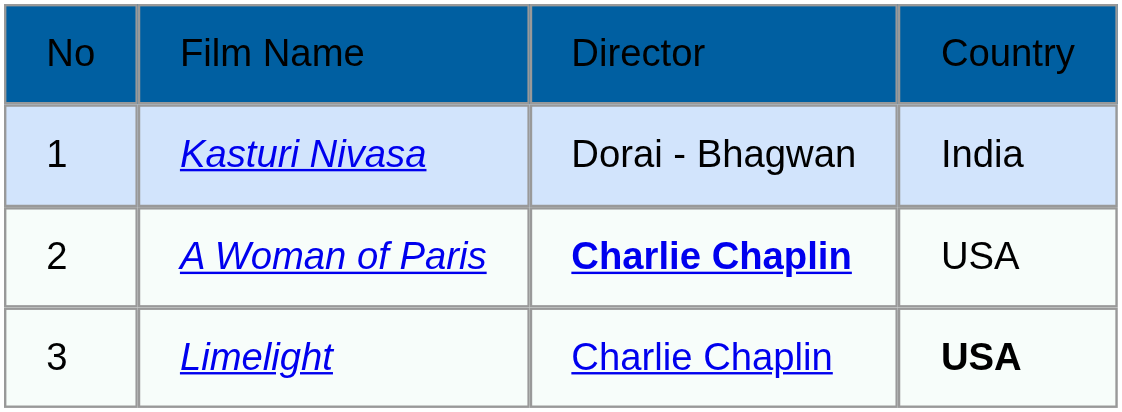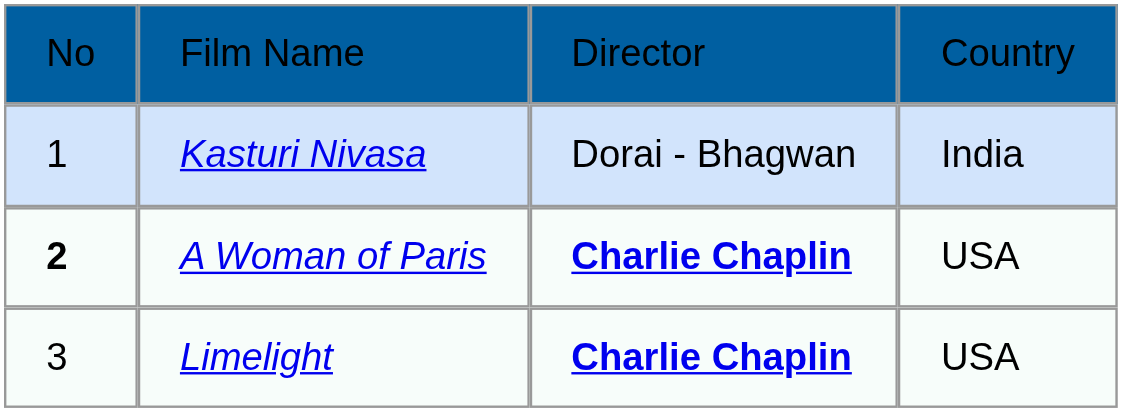 <table style="border-spacing:0;">
 <tr>
 <td style="background-color:#005fa1;border:0.05pt solid #999999;padding-top:0.116in;padding-bottom:0.116in;padding-left:0.1743in;padding-right:0.1743in;"><div>No</div></td>
 <td style="background-color:#005fa1;border:0.05pt solid #999999;padding-top:0.116in;padding-bottom:0.116in;padding-left:0.1743in;padding-right:0.1743in;">Film Name</td>
 <td style="background-color:#005fa1;border:0.05pt solid #999999;padding-top:0.116in;padding-bottom:0.116in;padding-left:0.1743in;padding-right:0.1743in;">Director</td>
 <td style="background-color:#005fa1;border:0.05pt solid #999999;padding-top:0.116in;padding-bottom:0.116in;padding-left:0.1743in;padding-right:0.1743in;">Country</td>
 </tr>
 <tr>
 <td style="background-color:#d2e4fc;border:0.05pt solid #999999;padding-top:0.116in;padding-bottom:0.116in;padding-left:0.1743in;padding-right:0.1743in;"><div>1</div></td>
 <td style="background-color:#d2e4fc;border:0.05pt solid #999999;padding-top:0.116in;padding-bottom:0.116in;padding-left:0.1743in;padding-right:0.1743in;"><em><a href='#'>Kasturi Nivasa</a></em></td>
 <td style="background-color:#d2e4fc;border:0.05pt solid #999999;padding-top:0.116in;padding-bottom:0.116in;padding-left:0.1743in;padding-right:0.1743in;">Dorai - Bhagwan</td>
 <td style="background-color:#d2e4fc;border:0.05pt solid #999999;padding-top:0.116in;padding-bottom:0.116in;padding-left:0.1743in;padding-right:0.1743in;">India</td>
 </tr>
 <tr>
-<td style="background-color:#f7fdfa;border:0.05pt solid #999999;padding-top:0.116in;padding-bottom:0.116in;padding-left:0.1743in;padding-right:0.1743in;"><div>2</div></td>
+<td style="background-color:#f7fdfa;border:0.05pt solid #999999;padding-top:0.116in;padding-bottom:0.116in;padding-left:0.1743in;padding-right:0.1743in;"><strong><div>2</div></strong></td>
 <td style="background-color:#f7fdfa;border:0.05pt solid #999999;padding-top:0.116in;padding-bottom:0.116in;padding-left:0.1743in;padding-right:0.1743in;"><em><a href='#'>A Woman of Paris</a></em></td>
 <td style="background-color:#f7fdfa;border:0.05pt solid #999999;padding-top:0.116in;padding-bottom:0.116in;padding-left:0.1743in;padding-right:0.1743in;"><strong><a href='#'>Charlie Chaplin</a></strong></td>
 <td style="background-color:#f7fdfa;border:0.05pt solid #999999;padding-top:0.116in;padding-bottom:0.116in;padding-left:0.1743in;padding-right:0.1743in;">USA</td>
 </tr>
 <tr>
 <td style="background-color:#f7fdfa;border:0.05pt solid #999999;padding-top:0.116in;padding-bottom:0.116in;padding-left:0.1743in;padding-right:0.1743in;"><div>3</div></td>
 <td style="background-color:#f7fdfa;border:0.05pt solid #999999;padding-top:0.116in;padding-bottom:0.116in;padding-left:0.1743in;padding-right:0.1743in;"><em><a href='#'>Limelight</a></em></td>
-<td style="background-color:#f7fdfa;border:0.05pt solid #999999;padding-top:0.116in;padding-bottom:0.116in;padding-left:0.1743in;padding-right:0.1743in;"><a href='#'>Charlie Chaplin</a></td>
-<td style="background-color:#f7fdfa;border:0.05pt solid #999999;padding-top:0.116in;padding-bottom:0.116in;padding-left:0.1743in;padding-right:0.1743in;"><strong>USA</strong></td>
+<td style="background-color:#f7fdfa;border:0.05pt solid #999999;padding-top:0.116in;padding-bottom:0.116in;padding-left:0.1743in;padding-right:0.1743in;"><strong><a href='#'>Charlie Chaplin</a></strong></td>
+<td style="background-color:#f7fdfa;border:0.05pt solid #999999;padding-top:0.116in;padding-bottom:0.116in;padding-left:0.1743in;padding-right:0.1743in;">USA</td>
 </tr>
 </table>
